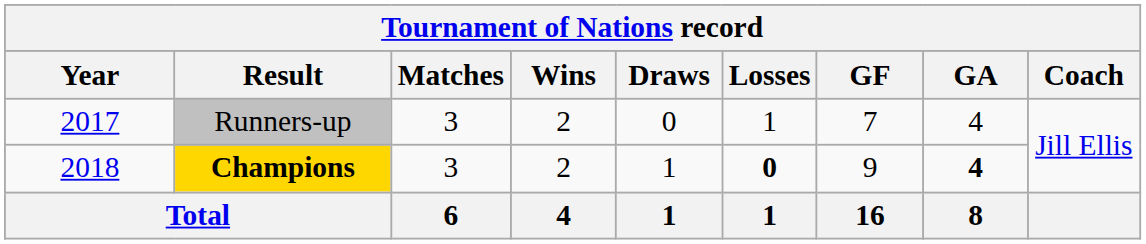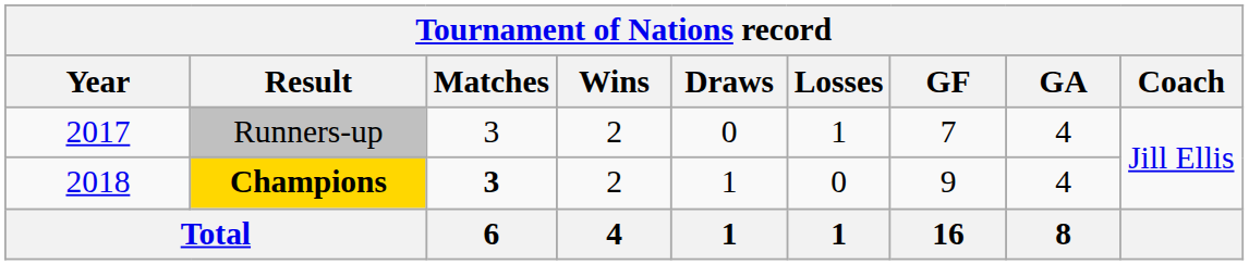 <table class="wikitable"  style="text-align:center; ">
 <tr>
 <th colspan=9> <a href='#'>Tournament of Nations</a> record</th>
 </tr>
 <tr>
 <th width=85>Year</th>
 <th width=110>Result</th>
 <th>Matches</th>
 <th width=50>Wins</th>
 <th width=50>Draws</th>
 <th>Losses</th>
 <th width=50>GF</th>
 <th width=50>GA</th>
 <th>Coach</th>
 </tr>
 <tr>
 <td><a href='#'>2017</a></td>
 <td style="background:silver;">Runners-up</td>
 <td>3</td>
 <td>2</td>
 <td>0</td>
 <td>1</td>
 <td>7</td>
 <td>4</td>
 <td rowspan=2><a href='#'>Jill Ellis</a></td>
 </tr>
 <tr>
 <td><a href='#'>2018</a></td>
 <td style="background:gold;"><strong>Champions</strong></td>
-<td>3</td>
+<td><strong>3</strong></td>
 <td>2</td>
 <td>1</td>
-<td><strong>0</strong></td>
+<td>0</td>
 <td>9</td>
-<td><strong>4</strong></td>
+<td>4</td>
 </tr>
 <tr class=sortbottom style="font-weight:bold;">
 <th colspan=2><a href='#'>Total</a></th>
 <th>6</th>
 <th>4</th>
 <th>1</th>
 <th>1</th>
 <th>16</th>
 <th>8</th>
 <th></th>
 </tr>
 </table>
